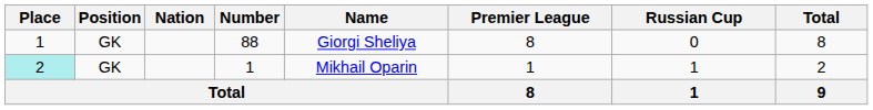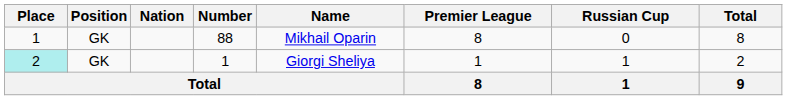 <table class="wikitable" style="font-size: 95%; text-align: center;">
 <tr>
 <th width=60>Place</th>
 <th width=60>Position</th>
 <th width=60>Nation</th>
 <th width=60>Number</th>
 <th width=150>Name</th>
 <th width=150>Premier League</th>
 <th width=150>Russian Cup</th>
 <th width=80>Total</th>
 </tr>
 <tr>
 <td>1</td>
 <td>GK</td>
 <td></td>
 <td>88</td>
-<td><a href='#'>Giorgi Sheliya</a></td>
+<td><a href='#'>Mikhail Oparin</a></td>
 <td>8</td>
 <td>0</td>
 <td>8</td>
 </tr>
 <tr>
 <td style="background: paleturquoise;">2</td>
 <td>GK</td>
 <td></td>
 <td>1</td>
-<td><a href='#'>Mikhail Oparin</a></td>
+<td><a href='#'>Giorgi Sheliya</a></td>
 <td>1</td>
 <td>1</td>
 <td>2</td>
 </tr>
 <tr>
 <th colspan=5>Total</th>
 <th>8</th>
 <th>1</th>
 <th>9</th>
 </tr>
 </table>
